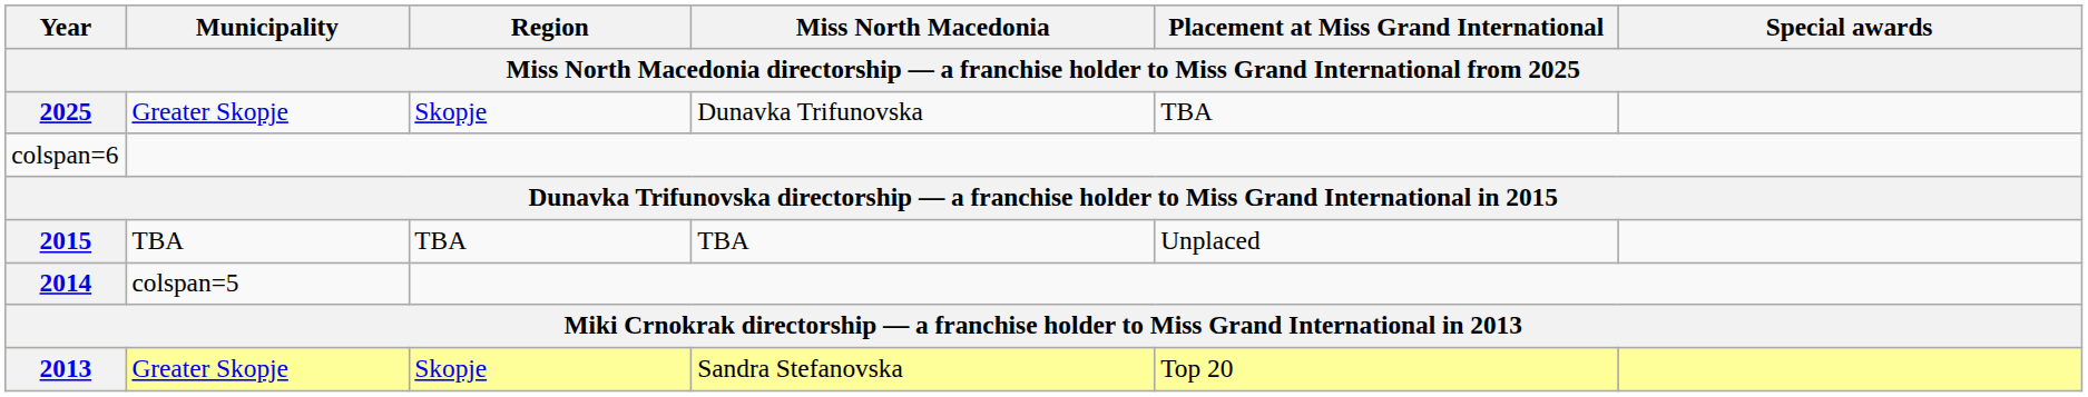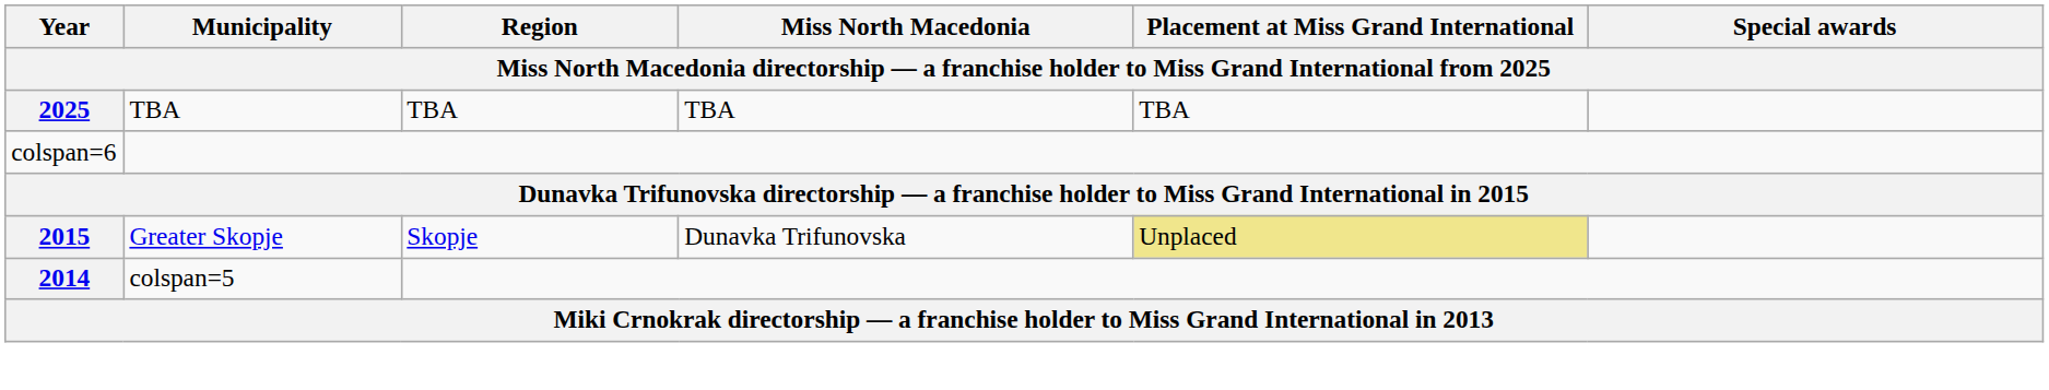 <table class="wikitable " style="font-size: 90%;">
 <tr>
 <th width="60">Year</th>
 <th width="150">Municipality</th>
 <th width="150">Region</th>
 <th width="250">Miss North Macedonia</th>
 <th width="250">Placement at Miss Grand International</th>
 <th width="250">Special awards</th>
 </tr>
 <tr>
 <th colspan="6">Miss North Macedonia directorship — a franchise holder to Miss Grand International from 2025</th>
 </tr>
 <tr>
 <th><a href='#'>2025</a></th>
-<td><a href='#'>Greater Skopje</a></td>
-<td><a href='#'>Skopje</a></td>
-<td>Dunavka Trifunovska</td>
+<td>TBA</td>
+<td>TBA</td>
+<td>TBA</td>
 <td>TBA</td>
 <td></td>
 </tr>
 <tr>
 <td>colspan=6 </td>
 </tr>
 <tr>
 <th colspan="6">Dunavka Trifunovska directorship — a franchise holder to Miss Grand International in 2015</th>
 </tr>
 <tr>
 <th><a href='#'>2015</a></th>
-<td>TBA</td>
-<td>TBA</td>
-<td>TBA</td>
-<td>Unplaced</td>
+<td><a href='#'>Greater Skopje</a></td>
+<td><a href='#'>Skopje</a></td>
+<td>Dunavka Trifunovska</td>
+<td style="background: khaki;">Unplaced</td>
 <td></td>
 </tr>
 <tr>
 <th><a href='#'>2014</a></th>
 <td>colspan=5 </td>
 </tr>
 <tr>
 <th colspan="6">Miki Crnokrak directorship — a franchise holder to Miss Grand International in 2013</th>
 </tr>
-<tr style="background-color:#FFFF99">
-<th><a href='#'>2013</a></th>
-<td><a href='#'>Greater Skopje</a></td>
-<td><a href='#'>Skopje</a></td>
-<td>Sandra Stefanovska</td>
-<td>Top 20</td>
-<td></td>
-</tr>
 </table>
